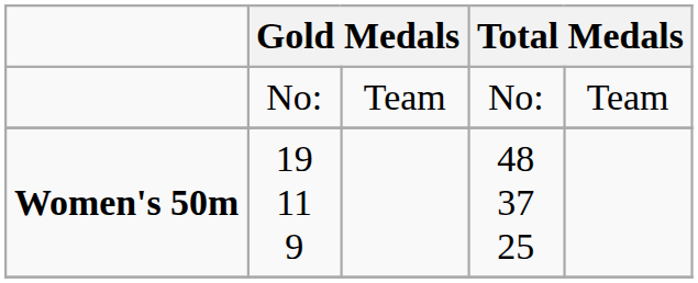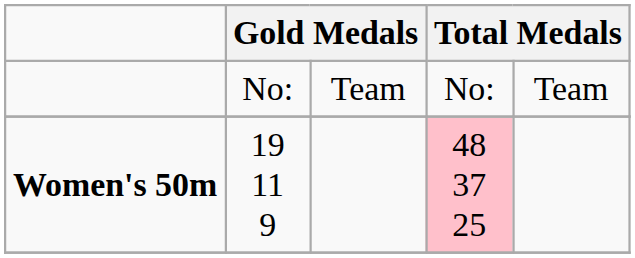 <table class="wikitable" style="text-align: center; font-size:95%;">
 <tr>
 <td></td>
 <th colspan=2>Gold Medals</th>
 <th colspan=2>Total Medals</th>
 </tr>
 <tr>
 <td></td>
 <td>No:</td>
 <td>Team</td>
 <td>No:</td>
 <td>Team</td>
 </tr>
 <tr>
 </tr>
 <tr>
 <td><strong>Women's 50m</strong></td>
 <td>19 <br> 11 <br> 9</td>
 <td align="left"> <br>  <br> </td>
-<td>48 <br> 37 <br> 25</td>
+<td style="background: pink;">48 <br> 37 <br> 25</td>
 <td align="left"> <br>  <br> </td>
 </tr>
 <tr>
 </tr>
 </table>
